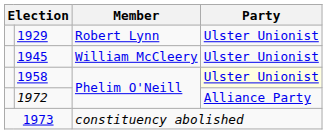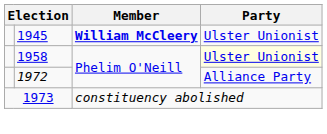 <table class="wikitable">
 <tr>
 <th colspan="2">Election</th>
 <th>Member</th>
 <th>Party</th>
 </tr>
 <tr>
 <td style="background-color: "></td>
-<td><a href='#'>1929</a></td>
-<td><a href='#'>Robert Lynn</a></td>
-<td><a href='#'>Ulster Unionist</a></td>
-</tr>
-<tr>
-<td style="background-color: "></td>
 <td><a href='#'>1945</a></td>
-<td><a href='#'>William McCleery</a></td>
+<td><strong><a href='#'>William McCleery</a></strong></td>
 <td><a href='#'>Ulster Unionist</a></td>
 </tr>
 <tr>
 <td style="background-color: "></td>
 <td><a href='#'>1958</a></td>
 <td rowspan=2><a href='#'>Phelim O'Neill</a></td>
 <td style="background: lightyellow;"><a href='#'>Ulster Unionist</a></td>
 </tr>
 <tr>
 <td style="background-color: "></td>
 <td><em>1972</em></td>
 <td><a href='#'>Alliance Party</a></td>
 </tr>
 <tr>
 <td colspan="2" align="center"><a href='#'>1973</a></td>
 <td colspan="2"><em>constituency abolished</em></td>
 </tr>
 </table>
